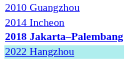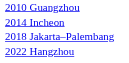 <table>
 <tr>
 <td><a href='#'>2010 Guangzhou</a></td>
 <td></td>
 <td></td>
 <td></td>
 </tr>
 <tr>
 <td><a href='#'>2014 Incheon</a></td>
 <td></td>
 <td></td>
 <td></td>
 </tr>
 <tr>
-<td><strong><a href='#'>2018 Jakarta–Palembang</a></strong></td>
+<td><a href='#'>2018 Jakarta–Palembang</a></td>
 <td></td>
 <td></td>
 <td></td>
 </tr>
 <tr>
-<td style="background: paleturquoise;"><a href='#'>2022 Hangzhou</a></td>
+<td><a href='#'>2022 Hangzhou</a></td>
 <td></td>
 <td></td>
 <td></td>
 </tr>
 <tr>
 </tr>
 </table>
